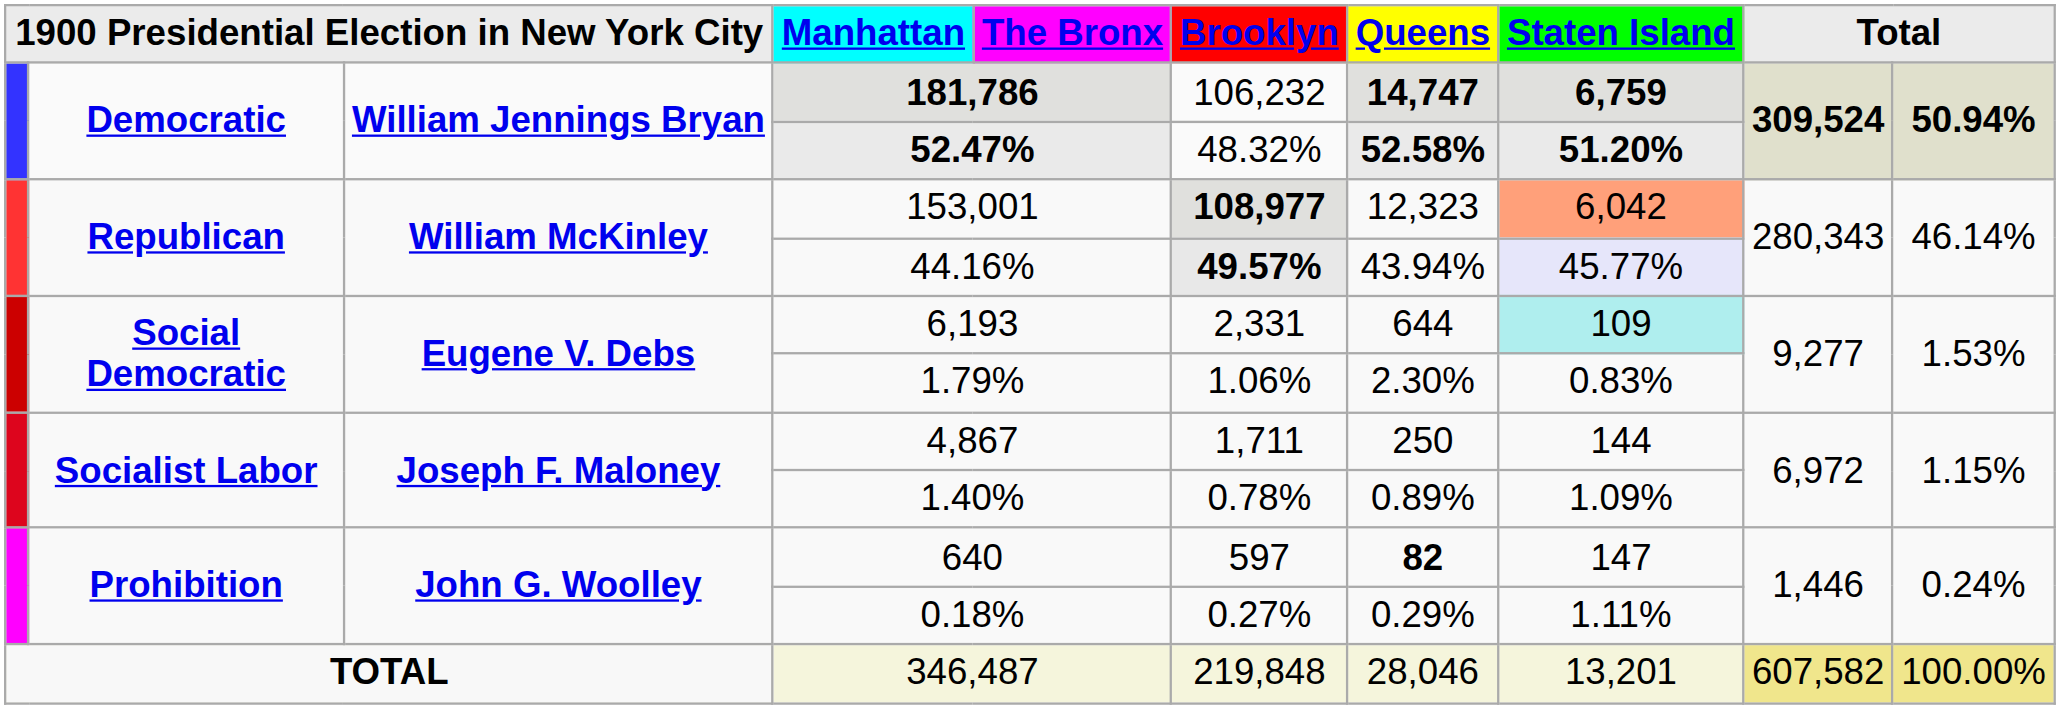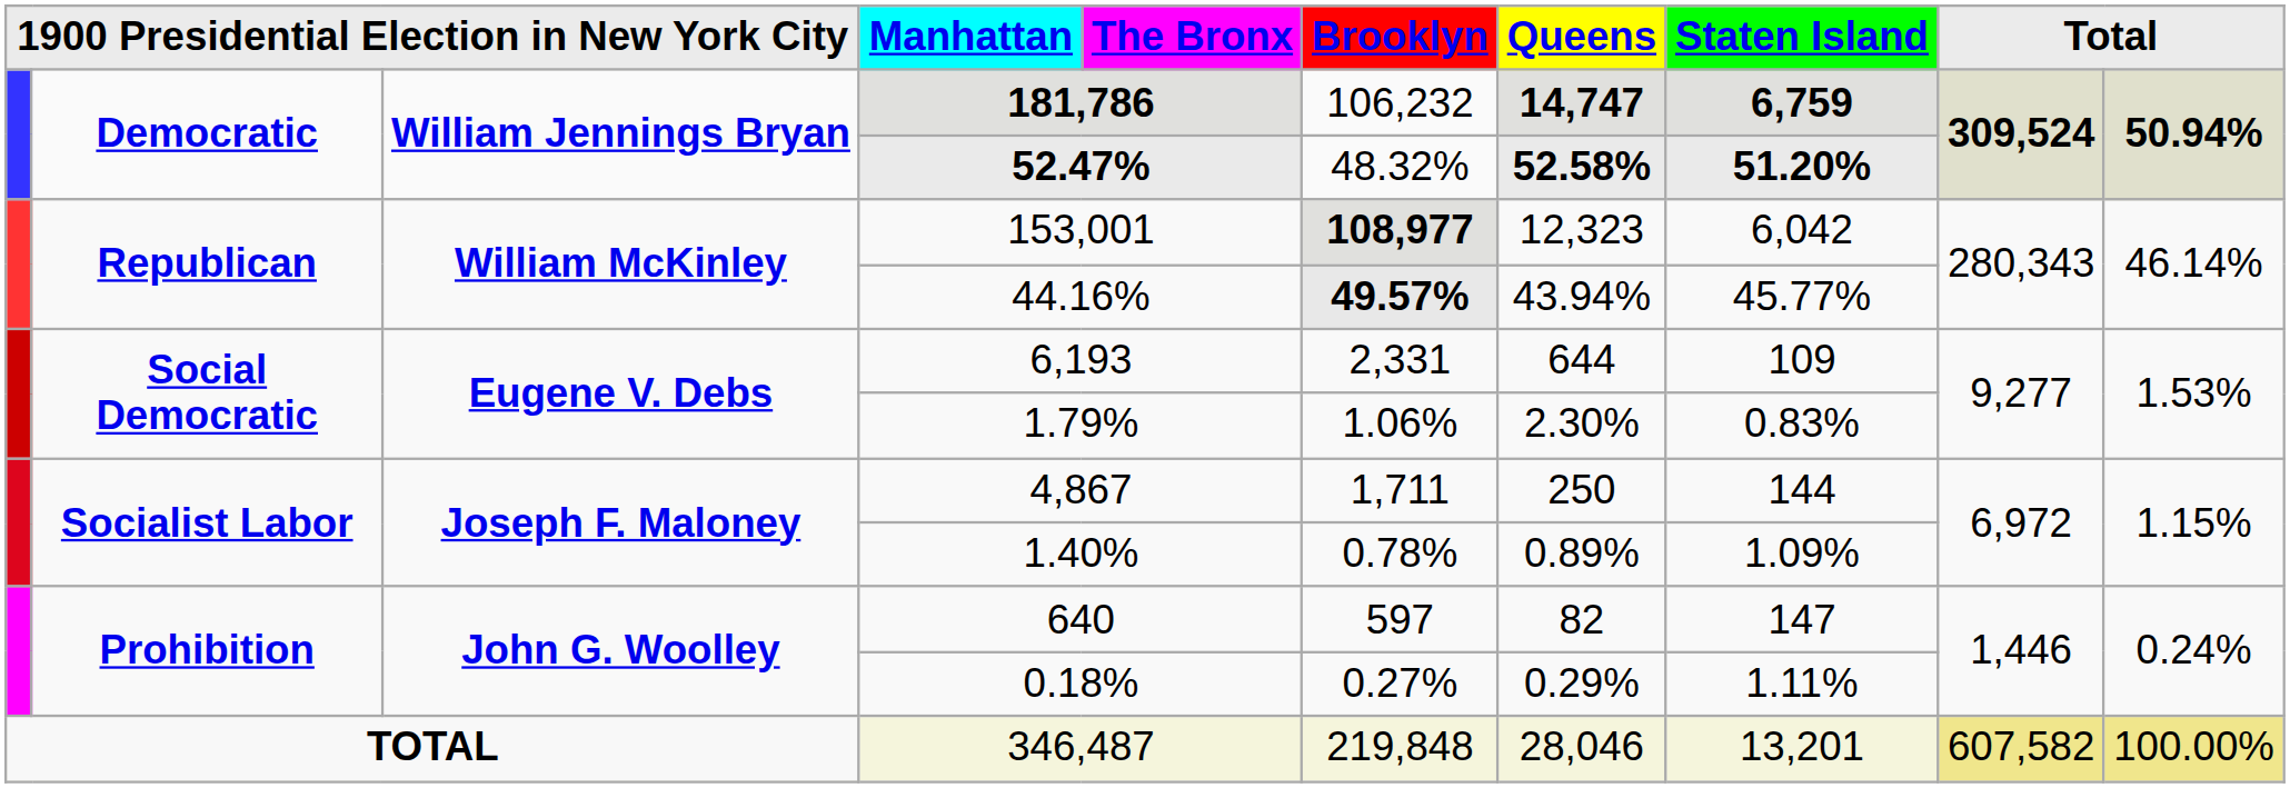 <table class="wikitable"  style="text-align:center;">
 <tr style="text-align:center;">
 <td colspan="3"  style="background:#ebebeb;"><strong>1900 Presidential Election in New York City</strong></td>
 <td style="background:aqua;"><strong><a href='#'>Manhattan</a></strong></td>
 <td style="background:magenta;"><strong><a href='#'>The Bronx</a></strong></td>
 <td style="background:red;"><strong><a href='#'>Brooklyn</a></strong></td>
 <td style="background:yellow;"><strong><a href='#'>Queens</a></strong></td>
 <td style="background:lime;"><strong><a href='#'>Staten Island</a></strong></td>
 <td colspan="2" style="background:#ebebeb;"><strong>Total</strong></td>
 </tr>
 <tr style="background:#e0e0dd;">
 <th rowspan="2" style="background-color:#3333FF; width: 3px"></th>
 <td rowspan="2" style="background:#fafafa; width: 130px"><strong><a href='#'>Democratic</a></strong></td>
 <td rowspan="2" style="background:#fafafa; text-align:center;"><strong><a href='#'>William Jennings Bryan</a></strong></td>
 <td colspan="2"><strong>181,786</strong></td>
 <td style="background:#fafafa;">106,232</td>
 <td><strong>14,747</strong></td>
 <td><strong>6,759</strong></td>
 <td rowspan="2" style="background:#e0e0cc;"><strong>309,524</strong></td>
 <td rowspan="2" style="background:#e0e0cc;"><strong>50.94%</strong></td>
 </tr>
 <tr style="background:#eaeaea;">
 <td colspan="2"><strong>52.47%</strong></td>
 <td style="background:#fafafa;">48.32%</td>
 <td><strong>52.58%</strong></td>
 <td><strong>51.20%</strong></td>
 </tr>
 <tr>
 <th rowspan="2" style="background-color:#FF3333; width: 3px"></th>
 <td rowspan="2" style="width: 130px"><strong><a href='#'>Republican</a></strong></td>
 <td rowspan="2" style="text-align:center;"><strong><a href='#'>William McKinley</a></strong></td>
 <td colspan="2">153,001</td>
 <td style="background:#e0e0dd;"><strong>108,977</strong></td>
 <td>12,323</td>
-<td style="background: lightsalmon;">6,042</td>
+<td>6,042</td>
 <td rowspan="2">280,343</td>
 <td rowspan="2">46.14%</td>
 </tr>
 <tr>
 <td colspan="2">44.16%</td>
 <td style="background:#e8e8e8;"><strong>49.57%</strong></td>
 <td>43.94%</td>
-<td style="background: lavender;">45.77%</td>
+<td>45.77%</td>
 </tr>
 <tr>
 <th rowspan="2" style="background-color:#CC0000; width: 3px"></th>
 <td rowspan="2" style="width: 130px"><strong><a href='#'>Social Democratic</a></strong></td>
 <td rowspan="2" style="text-align:center;"><strong><a href='#'>Eugene V. Debs</a></strong></td>
 <td colspan="2">6,193</td>
 <td>2,331</td>
 <td>644</td>
-<td style="background: paleturquoise;">109</td>
+<td>109</td>
 <td rowspan="2">9,277</td>
 <td rowspan="2">1.53%</td>
 </tr>
 <tr>
 <td colspan="2">1.79%</td>
 <td>1.06%</td>
 <td>2.30%</td>
 <td>0.83%</td>
 </tr>
 <tr>
 <th rowspan="2" style="background-color:#DD051D; width: 3px"></th>
 <td rowspan="2" style="width: 130px"><strong><a href='#'>Socialist Labor</a></strong></td>
 <td rowspan="2" style="text-align:center;"><strong><a href='#'>Joseph F. Maloney</a></strong></td>
 <td colspan="2">4,867</td>
 <td>1,711</td>
 <td>250</td>
 <td>144</td>
 <td rowspan="2">6,972</td>
 <td rowspan="2">1.15%</td>
 </tr>
 <tr>
 <td colspan="2">1.40%</td>
 <td>0.78%</td>
 <td>0.89%</td>
 <td>1.09%</td>
 </tr>
 <tr>
 <th rowspan="2" style="background-color:#FF00FF; width: 3px"></th>
 <td rowspan="2" style="width: 130px"><strong><a href='#'>Prohibition</a></strong></td>
 <td rowspan="2" style="text-align:center;"><strong><a href='#'>John G. Woolley</a></strong></td>
 <td colspan="2">640</td>
 <td>597</td>
-<td><strong>82</strong></td>
+<td>82</td>
 <td>147</td>
 <td rowspan="2">1,446</td>
 <td rowspan="2">0.24%</td>
 </tr>
 <tr>
 <td colspan="2">0.18%</td>
 <td>0.27%</td>
 <td>0.29%</td>
 <td>1.11%</td>
 </tr>
 <tr style="background:beige;">
 <td colspan="3" style="background:#f8f8f8;"><strong>TOTAL</strong></td>
 <td colspan="2">346,487</td>
 <td>219,848</td>
 <td>28,046</td>
 <td>13,201</td>
 <td bgcolor="khaki">607,582</td>
 <td bgcolor="khaki">100.00%</td>
 </tr>
 </table>
